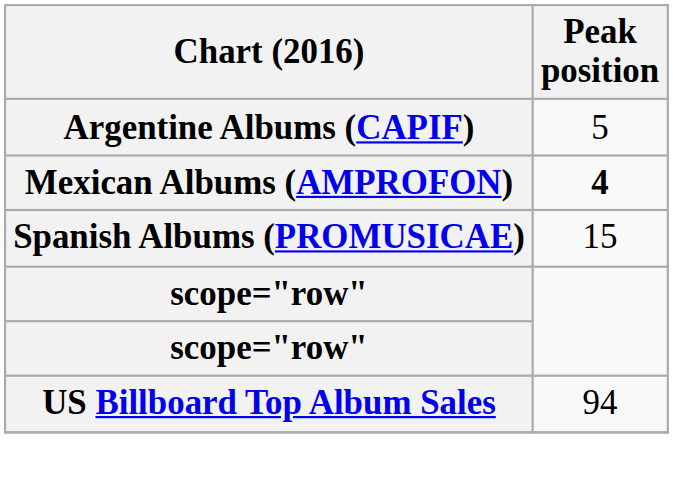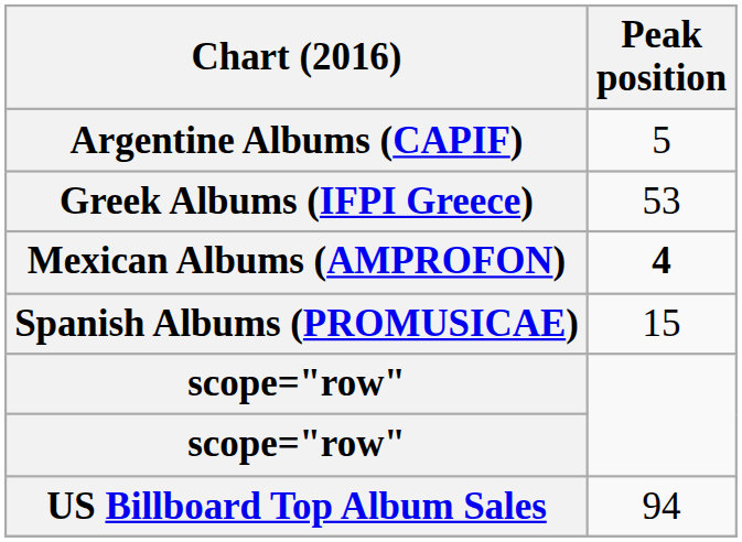 <table class="wikitable sortable plainrowheaders">
 <tr>
 <th scope="col">Chart (2016)</th>
 <th scope="col">Peak<br>position</th>
 </tr>
 <tr>
 <th scope="row">Argentine Albums (<a href='#'>CAPIF</a>)</th>
 <td style="text-align:center;">5</td>
+</tr>
+<tr>
+<th scope="row">Greek Albums (<a href='#'>IFPI Greece</a>)</th>
+<td style="text-align:center;">53</td>
 </tr>
 <tr>
 <th scope="row">Mexican Albums (<a href='#'>AMPROFON</a>)</th>
 <td style="text-align:center;"><strong>4</strong></td>
 </tr>
 <tr>
 <th scope="row">Spanish Albums (<a href='#'>PROMUSICAE</a>)</th>
 <td style="text-align:center;">15</td>
 </tr>
 <tr>
 <th>scope="row"</th>
 </tr>
 <tr>
 <th>scope="row"</th>
 </tr>
 <tr>
 <th scope="row">US <a href='#'>Billboard Top Album Sales</a></th>
 <td style="text-align:center;">94</td>
 </tr>
 <tr>
 </tr>
 </table>
